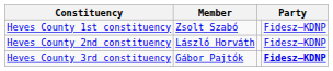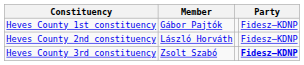 <table class="wikitable">
 <tr>
 <th>Constituency</th>
 <th>Member</th>
 <th colspan="2">Party</th>
 </tr>
 <tr>
 <td><a href='#'>Heves County 1st constituency</a></td>
-<td><a href='#'>Zsolt Szabó</a></td>
+<td><a href='#'>Gábor Pajtók</a></td>
 <td style="background-color: "></td>
 <td><a href='#'>Fidesz–KDNP</a></td>
 </tr>
 <tr>
 <td><a href='#'>Heves County 2nd constituency</a></td>
 <td><a href='#'>László Horváth</a></td>
 <td style="background-color: "></td>
 <td><a href='#'>Fidesz–KDNP</a></td>
 </tr>
 <tr>
 <td><a href='#'>Heves County 3rd constituency</a></td>
-<td><a href='#'>Gábor Pajtók</a></td>
+<td><a href='#'>Zsolt Szabó</a></td>
 <td style="background-color: "></td>
 <td><strong><a href='#'>Fidesz–KDNP</a></strong></td>
 </tr>
 </table>
